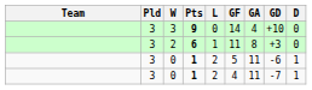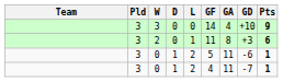 <table class="wikitable" style="text-align: center;">
 <tr>
 <th width="175">Team</th>
 <th width="20">Pld</th>
 <th width="20">W</th>
-<th width="20">Pts</th>
+<th width="20">D</th>
 <th width="20">L</th>
 <th width="20">GF</th>
 <th width="20">GA</th>
 <th width="20">GD</th>
-<th width="20">D</th>
+<th width="20">Pts</th>
 </tr>
 <tr bgcolor="#ccffcc">
 <td style="text-align:left;"><strong></strong></td>
 <td>3</td>
 <td>3</td>
-<td><strong>9</strong></td>
+<td>0</td>
 <td>0</td>
 <td>14</td>
 <td>4</td>
 <td>+10</td>
-<td>0</td>
+<td><strong>9</strong></td>
 </tr>
 <tr align=center  bgcolor="ccffcc">
 <td style="text-align:left;"></td>
 <td>3</td>
 <td>2</td>
-<td><strong>6</strong></td>
+<td>0</td>
 <td>1</td>
 <td>11</td>
 <td>8</td>
 <td>+3</td>
-<td>0</td>
+<td><strong>6</strong></td>
 </tr>
 <tr align=center>
 <td style="text-align:left;"></td>
 <td>3</td>
 <td>0</td>
-<td><strong>1</strong></td>
+<td>1</td>
 <td>2</td>
 <td>5</td>
 <td>11</td>
 <td>-6</td>
-<td>1</td>
+<td><strong>1</strong></td>
 </tr>
 <tr align=center>
 <td style="text-align:left;"></td>
 <td>3</td>
 <td>0</td>
-<td><strong>1</strong></td>
+<td>1</td>
 <td>2</td>
 <td>4</td>
 <td>11</td>
 <td>-7</td>
-<td>1</td>
+<td><strong>1</strong></td>
 </tr>
 </table>
